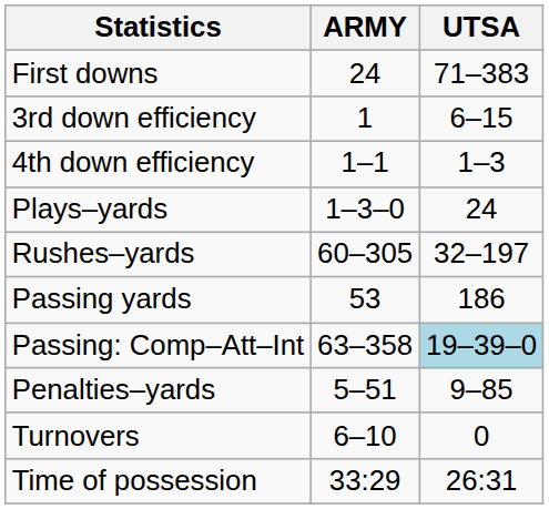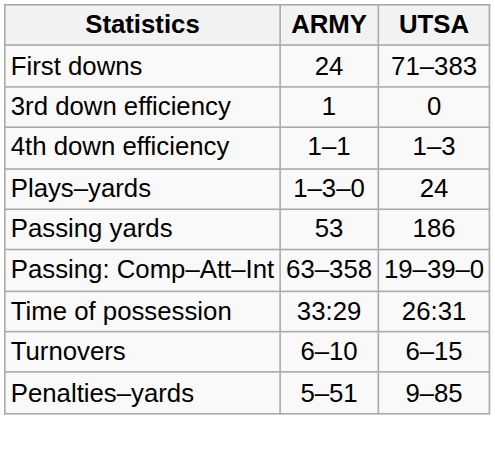 <table class="wikitable">
 <tr>
 <th>Statistics</th>
 <th>ARMY</th>
 <th>UTSA</th>
 </tr>
 <tr>
 <td>First downs</td>
 <td align=center>24</td>
 <td align=center>71–383</td>
 </tr>
 <tr>
 <td>3rd down efficiency</td>
 <td align=center>1</td>
-<td align=center>6–15</td>
+<td align=center>0</td>
 </tr>
 <tr>
 <td>4th down efficiency</td>
 <td align=center>1–1</td>
 <td align=center>1–3</td>
 </tr>
 <tr>
 <td>Plays–yards</td>
 <td align=center>1–3–0</td>
 <td align=center>24</td>
 </tr>
 <tr>
-<td>Rushes–yards</td>
-<td align=center>60–305</td>
-<td align=center>32–197</td>
-</tr>
-<tr>
 <td>Passing yards</td>
 <td align=center>53</td>
 <td align=center>186</td>
 </tr>
 <tr>
 <td>Passing: Comp–Att–Int</td>
 <td align=center>63–358</td>
-<td align=center style="background: lightblue;">19–39–0</td>
+<td align=center>19–39–0</td>
+</tr>
+<tr>
+<td>Time of possession</td>
+<td align=center>33:29</td>
+<td align=center>26:31</td>
+</tr>
+<tr>
+<td>Turnovers</td>
+<td align=center>6–10</td>
+<td align=center>6–15</td>
 </tr>
 <tr>
 <td>Penalties–yards</td>
 <td align=center>5–51</td>
 <td align=center>9–85</td>
 </tr>
-<tr>
-<td>Turnovers</td>
-<td align=center>6–10</td>
-<td align=center>0</td>
-</tr>
-<tr>
-<td>Time of possession</td>
-<td align=center>33:29</td>
-<td align=center>26:31</td>
-</tr>
 </table>
